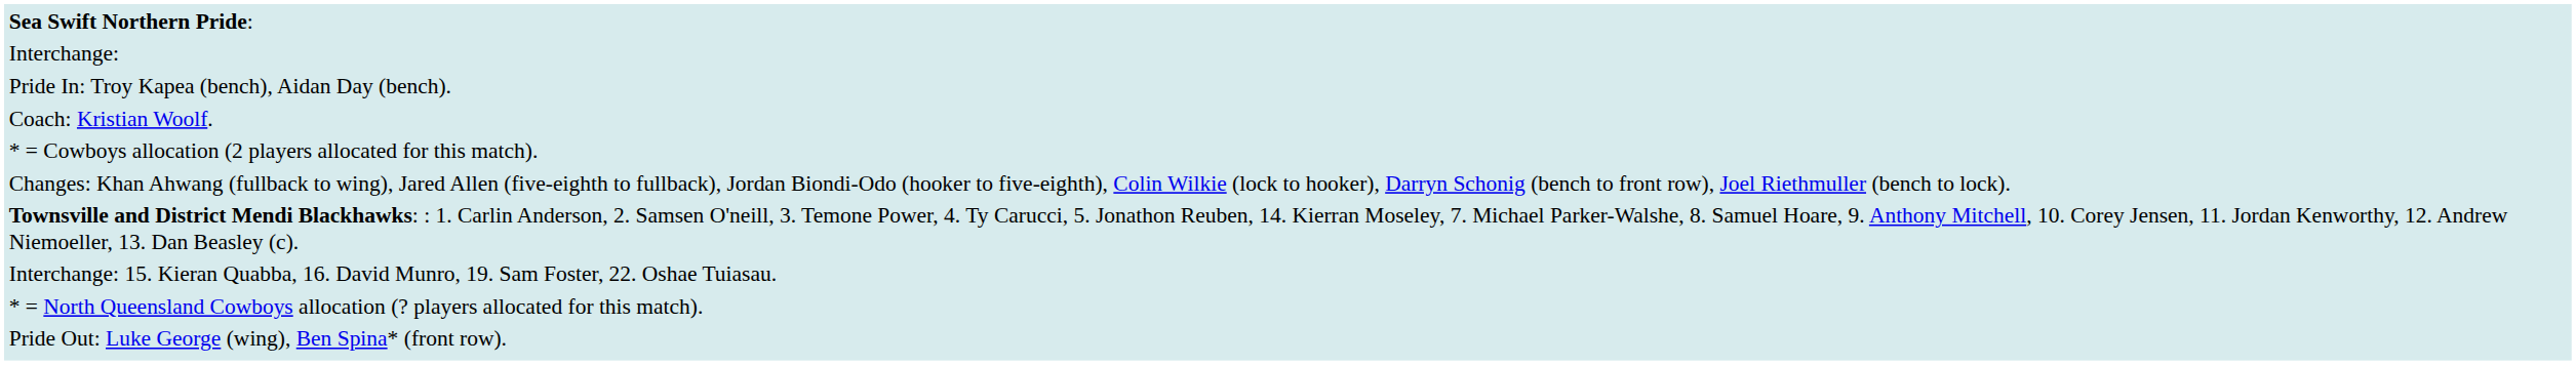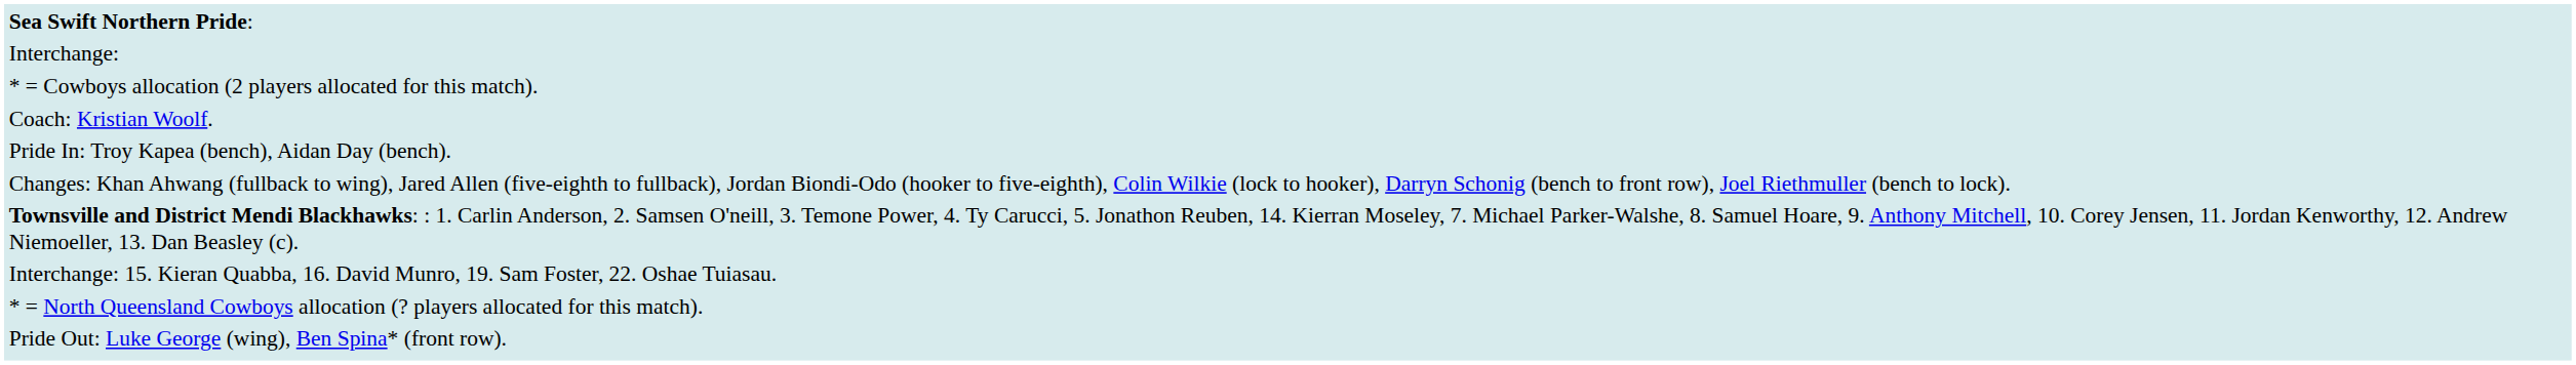 <table style="background:#d7ebed; font-size:85%; width:100%;">
 <tr>
 <td><strong>Sea Swift Northern Pride</strong>:             </td>
 </tr>
 <tr>
 <td>Interchange:    </td>
 </tr>
 <tr>
-<td>Pride In: Troy Kapea (bench), Aidan Day (bench).</td>
+<td>* = Cowboys allocation (2 players allocated for this match).</td>
 </tr>
 <tr>
 <td>Coach: <a href='#'>Kristian Woolf</a>.</td>
 </tr>
 <tr>
-<td>* = Cowboys allocation (2 players allocated for this match).</td>
+<td>Pride In: Troy Kapea (bench), Aidan Day (bench).</td>
 </tr>
 <tr>
 <td>Changes: Khan Ahwang (fullback to wing), Jared Allen (five-eighth to fullback), Jordan Biondi-Odo (hooker to five-eighth), <a href='#'>Colin Wilkie</a> (lock to hooker), <a href='#'>Darryn Schonig</a> (bench to front row), <a href='#'>Joel Riethmuller</a> (bench to lock).</td>
 </tr>
 <tr>
 <td><strong>Townsville and District Mendi Blackhawks</strong>: : 1. Carlin Anderson, 2. Samsen O'neill, 3. Temone Power, 4. Ty Carucci, 5. Jonathon Reuben, 14. Kierran Moseley, 7. Michael Parker-Walshe, 8. Samuel Hoare, 9. <a href='#'>Anthony Mitchell</a>, 10. Corey Jensen, 11. Jordan Kenworthy, 12. Andrew Niemoeller, 13. Dan Beasley (c).</td>
 </tr>
 <tr>
 <td>Interchange: 15. Kieran Quabba, 16. David Munro, 19. Sam Foster, 22. Oshae Tuiasau.</td>
 </tr>
 <tr>
 <td>* = <a href='#'>North Queensland Cowboys</a> allocation (? players allocated for this match).</td>
 </tr>
 <tr>
 <td>Pride Out: <a href='#'>Luke George</a> (wing), <a href='#'>Ben Spina</a>* (front row).</td>
 </tr>
 <tr>
 </tr>
 </table>
